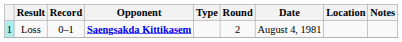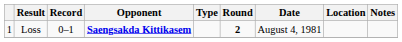 <table class="wikitable" style="text-align:center">
 <tr>
 <th></th>
 <th>Result</th>
 <th>Record</th>
 <th>Opponent</th>
 <th>Type</th>
 <th>Round</th>
 <th>Date</th>
 <th>Location</th>
 <th>Notes</th>
 </tr>
 <tr>
-<td style="background: paleturquoise;">1</td>
+<td>1</td>
 <td>Loss</td>
 <td>0–1</td>
 <td style="text-align:left;"><strong> <a href='#'>Saengsakda Kittikasem</a></strong></td>
 <td></td>
-<td>2</td>
+<td><strong>2</strong></td>
 <td>August 4, 1981</td>
 <td style="text-align:left;"> </td>
 <td></td>
 </tr>
 <tr>
 </tr>
 </table>
